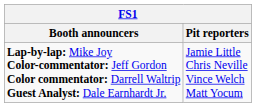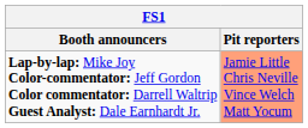 <table class="wikitable" style="font-size: 95%">
 <tr>
 <th colspan="2"><a href='#'>FS1</a></th>
 </tr>
 <tr>
 <th>Booth announcers</th>
 <th>Pit reporters</th>
 </tr>
 <tr>
 <td><strong>Lap-by-lap:</strong> <a href='#'>Mike Joy</a><br><strong>Color-commentator:</strong> <a href='#'>Jeff Gordon</a><br><strong>Color commentator:</strong> <a href='#'>Darrell Waltrip</a> <br><strong>Guest Analyst:</strong> <a href='#'>Dale Earnhardt Jr.</a></td>
-<td><a href='#'>Jamie Little</a><br><a href='#'>Chris Neville</a><br><a href='#'>Vince Welch</a><br><a href='#'>Matt Yocum</a></td>
+<td style="background: lightsalmon;"><a href='#'>Jamie Little</a><br><a href='#'>Chris Neville</a><br><a href='#'>Vince Welch</a><br><a href='#'>Matt Yocum</a></td>
 </tr>
 </table>
